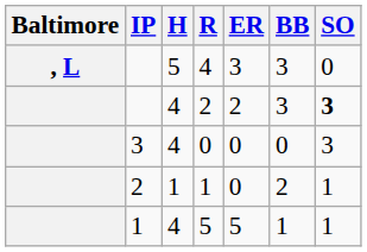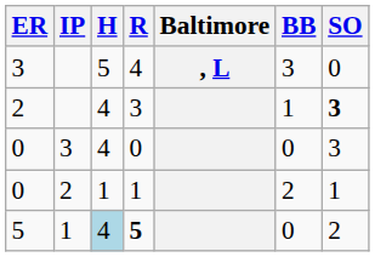 <table class="wikitable sortable plainrowheaders">
 <tr>
-<th scope="col">Baltimore</th>
+<th scope="col"><a href='#'>ER</a></th>
 <th scope="col"><a href='#'>IP</a></th>
 <th scope="col"><a href='#'>H</a></th>
 <th scope="col"><a href='#'>R</a></th>
-<th scope="col"><a href='#'>ER</a></th>
+<th scope="col">Baltimore</th>
 <th scope="col"><a href='#'>BB</a></th>
 <th scope="col"><a href='#'>SO</a></th>
 </tr>
 <tr>
-<th scope="row">, <a href='#'>L</a></th>
+<td>3</td>
 <td></td>
 <td>5</td>
 <td>4</td>
-<td>3</td>
+<th scope="row">, <a href='#'>L</a></th>
 <td>3</td>
 <td>0</td>
 </tr>
 <tr>
-<th scope="row"></th>
+<td>2</td>
 <td></td>
 <td>4</td>
-<td>2</td>
-<td>2</td>
 <td>3</td>
+<th scope="row"></th>
+<td>1</td>
 <td><strong>3</strong></td>
 </tr>
 <tr>
-<th scope="row"></th>
+<td>0</td>
 <td>3</td>
 <td>4</td>
 <td>0</td>
-<td>0</td>
+<th scope="row"></th>
 <td>0</td>
 <td>3</td>
 </tr>
 <tr>
-<th scope="row"></th>
+<td>0</td>
 <td>2</td>
 <td>1</td>
 <td>1</td>
-<td>0</td>
+<th scope="row"></th>
 <td>2</td>
 <td>1</td>
 </tr>
 <tr>
-<th scope="row"></th>
-<td>1</td>
-<td>4</td>
-<td>5</td>
 <td>5</td>
 <td>1</td>
-<td>1</td>
+<td style="background: lightblue;">4</td>
+<td><strong>5</strong></td>
+<th scope="row"></th>
+<td>0</td>
+<td>2</td>
 </tr>
 </table>
